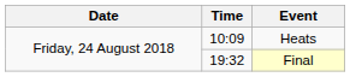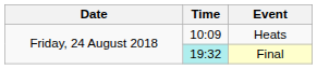 <table class = "wikitable" style="text-align:center;">
 <tr>
 <th width=220>Date</th>
 <th width=50>Time</th>
 <th width=100>Event</th>
 </tr>
 <tr>
 <td rowspan=2>Friday, 24 August 2018</td>
 <td>10:09</td>
 <td>Heats</td>
 </tr>
 <tr>
-<td>19:32</td>
+<td style="background: paleturquoise;">19:32</td>
 <td bgcolor=ffffcc>Final</td>
 </tr>
 </table>
